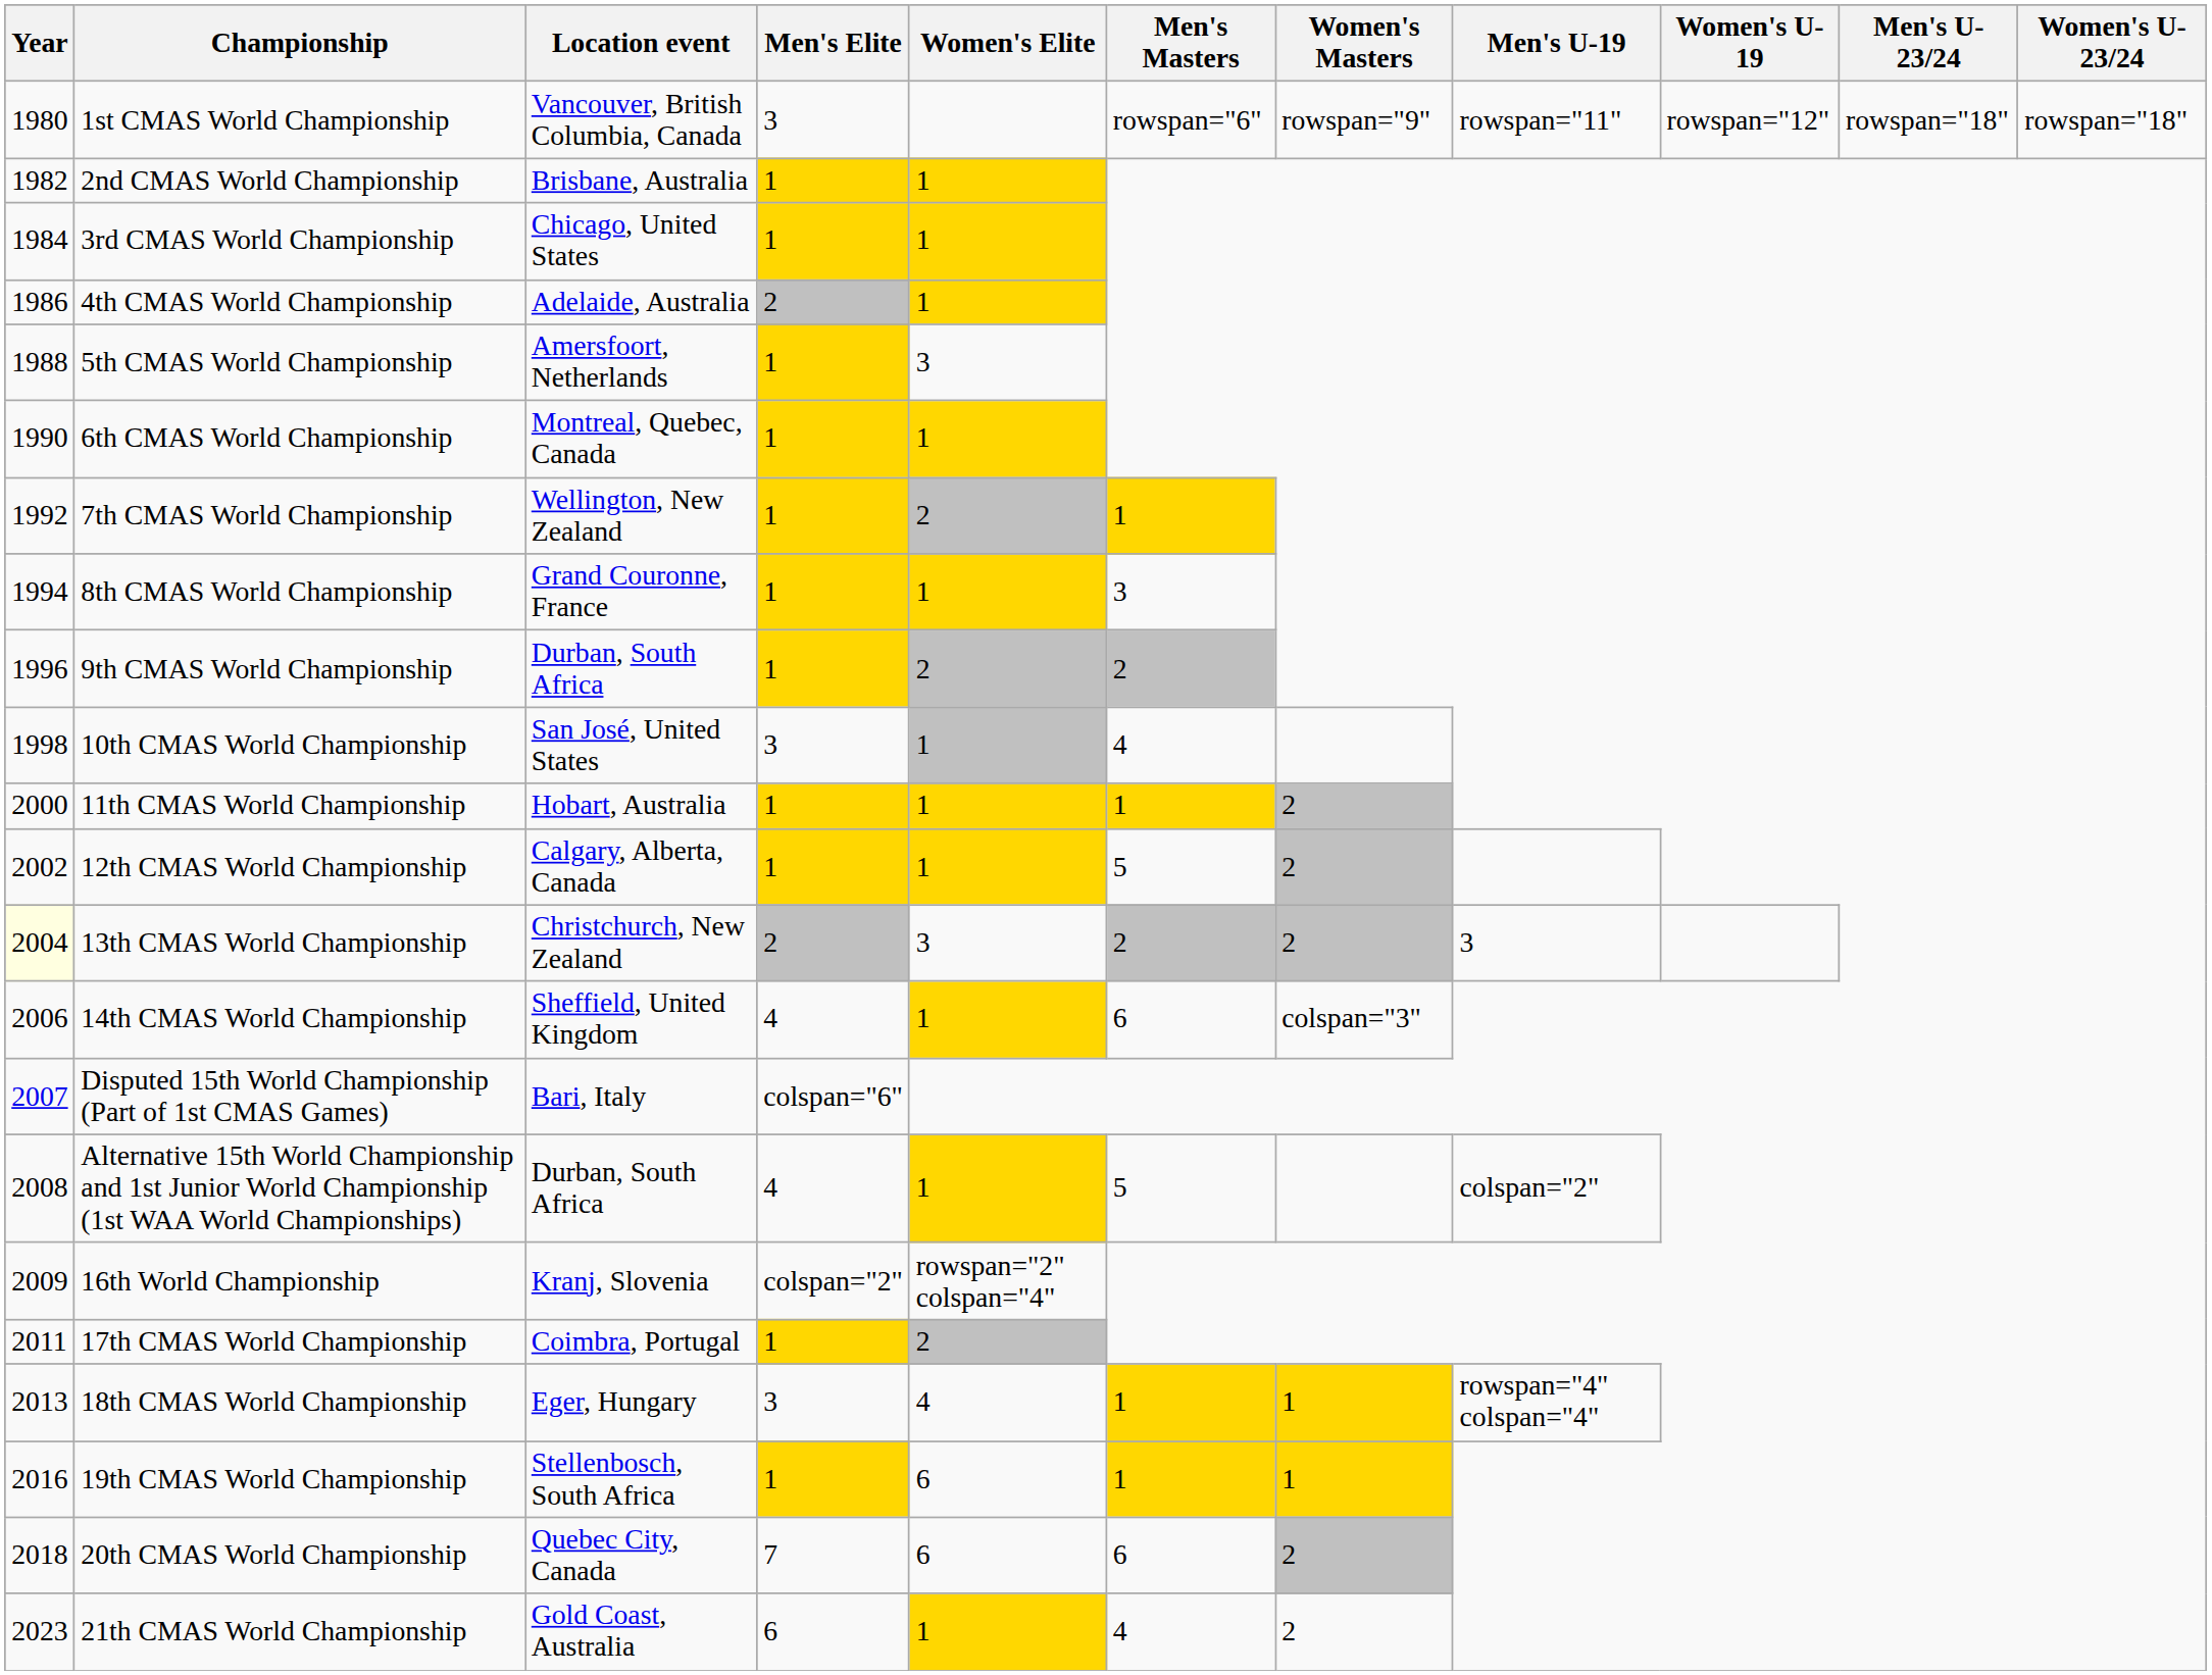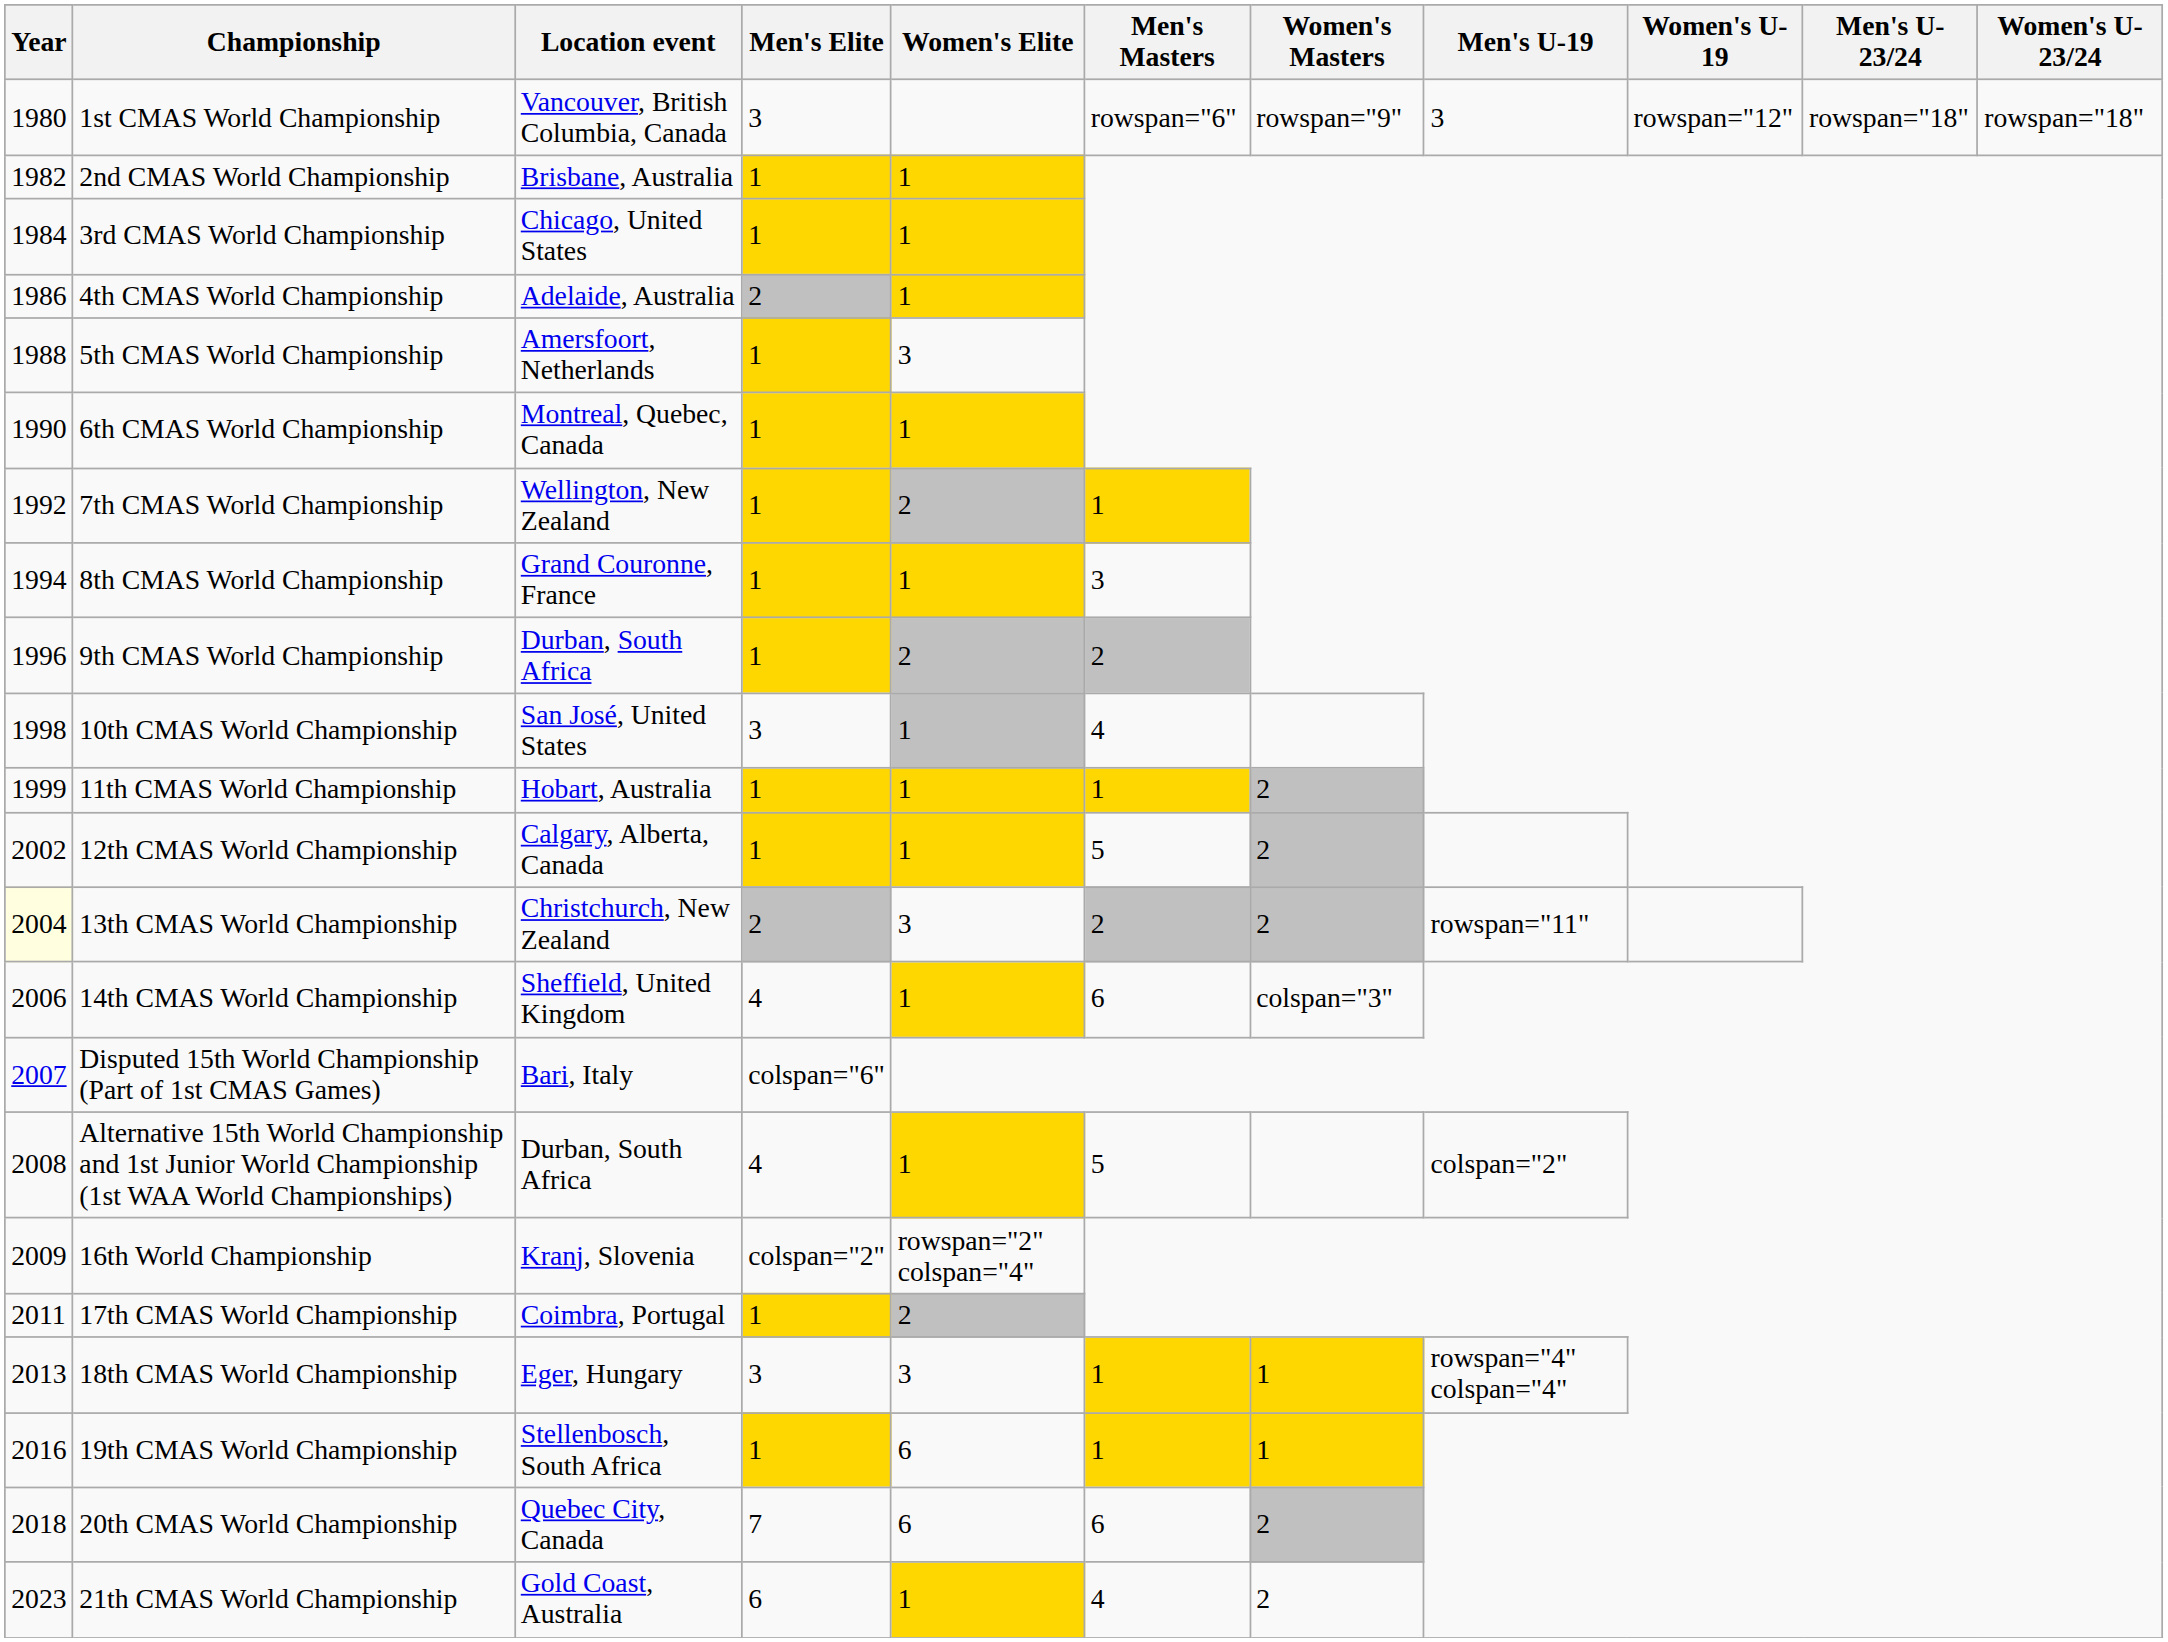 <table class="wikitable">
 <tr>
 <th>Year</th>
 <th>Championship</th>
 <th>Location event</th>
 <th>Men's Elite</th>
 <th>Women's Elite</th>
 <th>Men's Masters</th>
 <th>Women's Masters</th>
 <th>Men's U-19</th>
 <th>Women's U-19</th>
 <th>Men's U-23/24</th>
 <th>Women's U-23/24</th>
 </tr>
 <tr>
 <td>1980</td>
 <td>1st CMAS World Championship</td>
 <td> <a href='#'>Vancouver</a>, British Columbia, Canada</td>
 <td>3</td>
 <td></td>
 <td>rowspan="6"</td>
 <td>rowspan="9"</td>
-<td>rowspan="11"</td>
+<td>3</td>
 <td>rowspan="12"</td>
 <td>rowspan="18"</td>
 <td>rowspan="18"</td>
 </tr>
 <tr>
 <td>1982</td>
 <td>2nd CMAS World Championship</td>
 <td> <a href='#'>Brisbane</a>, Australia</td>
 <td bgcolor=gold>1</td>
 <td bgcolor=gold>1</td>
 </tr>
 <tr>
 <td>1984</td>
 <td>3rd CMAS World Championship</td>
 <td> <a href='#'>Chicago</a>, United States</td>
 <td bgcolor=gold>1</td>
 <td bgcolor=gold>1</td>
 </tr>
 <tr>
 <td>1986</td>
 <td>4th CMAS World Championship</td>
 <td> <a href='#'>Adelaide</a>, Australia</td>
 <td bgcolor=silver>2</td>
 <td bgcolor=gold>1</td>
 </tr>
 <tr>
 <td>1988</td>
 <td>5th CMAS World Championship</td>
 <td> <a href='#'>Amersfoort</a>, Netherlands</td>
 <td bgcolor=gold>1</td>
 <td>3</td>
 </tr>
 <tr>
 <td>1990</td>
 <td>6th CMAS World Championship</td>
 <td> <a href='#'>Montreal</a>, Quebec, Canada</td>
 <td bgcolor=gold>1</td>
 <td bgcolor=gold>1</td>
 </tr>
 <tr>
 <td>1992</td>
 <td>7th CMAS World Championship</td>
 <td> <a href='#'>Wellington</a>, New Zealand</td>
 <td bgcolor=gold>1</td>
 <td bgcolor=silver>2</td>
 <td bgcolor=gold>1</td>
 </tr>
 <tr>
 <td>1994</td>
 <td>8th CMAS World Championship</td>
 <td> <a href='#'>Grand Couronne</a>, France</td>
 <td bgcolor=gold>1</td>
 <td bgcolor=gold>1</td>
 <td>3</td>
 </tr>
 <tr>
 <td>1996</td>
 <td>9th CMAS World Championship</td>
 <td> <a href='#'>Durban</a>, <a href='#'>South Africa</a></td>
 <td bgcolor=gold>1</td>
 <td bgcolor=silver>2</td>
 <td bgcolor=silver>2</td>
 </tr>
 <tr>
 <td>1998</td>
 <td>10th CMAS World Championship</td>
 <td> <a href='#'>San José</a>, United States</td>
 <td>3</td>
 <td bgcolor=silver>1</td>
 <td>4</td>
 <td></td>
 </tr>
 <tr>
-<td>2000</td>
+<td>1999</td>
 <td>11th CMAS World Championship</td>
 <td> <a href='#'>Hobart</a>, Australia</td>
 <td bgcolor=gold>1</td>
 <td bgcolor=gold>1</td>
 <td bgcolor=gold>1</td>
 <td bgcolor=silver>2</td>
 </tr>
 <tr>
 <td>2002</td>
 <td>12th CMAS World Championship</td>
 <td><a href='#'>Calgary</a>, Alberta, Canada</td>
 <td bgcolor=gold>1</td>
 <td bgcolor=gold>1</td>
 <td>5</td>
 <td bgcolor=silver>2</td>
 <td></td>
 </tr>
 <tr>
 <td style="background: lightyellow;">2004</td>
 <td>13th CMAS World Championship</td>
 <td> <a href='#'>Christchurch</a>, New Zealand</td>
 <td bgcolor=silver>2</td>
 <td>3</td>
 <td bgcolor=silver>2</td>
 <td bgcolor=silver>2</td>
-<td>3</td>
+<td>rowspan="11"</td>
 <td></td>
 </tr>
 <tr>
 <td>2006</td>
 <td>14th CMAS World Championship</td>
 <td> <a href='#'>Sheffield</a>, United Kingdom</td>
 <td>4</td>
 <td bgcolor=gold>1</td>
 <td>6</td>
 <td>colspan="3"</td>
 </tr>
 <tr>
 <td><a href='#'>2007</a></td>
 <td>Disputed 15th World Championship (Part of 1st CMAS Games)</td>
 <td> <a href='#'>Bari</a>, Italy</td>
 <td>colspan="6" </td>
 </tr>
 <tr>
 <td>2008</td>
 <td>Alternative 15th World Championship and 1st Junior World Championship (1st WAA World Championships)</td>
 <td> Durban, South Africa</td>
 <td>4</td>
 <td bgcolor=gold>1</td>
 <td>5</td>
 <td></td>
 <td>colspan="2" </td>
 </tr>
 <tr>
 <td>2009</td>
 <td>16th World Championship</td>
 <td> <a href='#'>Kranj</a>, Slovenia</td>
 <td>colspan="2" </td>
 <td>rowspan="2" colspan="4" </td>
 </tr>
 <tr>
 <td>2011</td>
 <td>17th CMAS World Championship</td>
 <td> <a href='#'>Coimbra</a>, Portugal</td>
 <td bgcolor=gold>1</td>
 <td bgcolor=silver>2</td>
 </tr>
 <tr>
 <td>2013</td>
 <td>18th CMAS World Championship</td>
 <td> <a href='#'>Eger</a>, Hungary</td>
 <td>3</td>
-<td>4</td>
+<td>3</td>
 <td bgcolor=gold>1</td>
 <td bgcolor=gold>1</td>
 <td>rowspan="4" colspan="4" </td>
 </tr>
 <tr>
 <td>2016</td>
 <td>19th CMAS World Championship</td>
 <td> <a href='#'>Stellenbosch</a>, South Africa</td>
 <td bgcolor=gold>1</td>
 <td>6</td>
 <td bgcolor=gold>1</td>
 <td bgcolor=gold>1</td>
 </tr>
 <tr>
 <td>2018</td>
 <td>20th CMAS World Championship</td>
 <td> <a href='#'>Quebec City</a>, Canada</td>
 <td>7</td>
 <td>6</td>
 <td>6</td>
 <td bgcolor=silver>2</td>
 </tr>
 <tr>
 <td>2023</td>
 <td>21th CMAS World Championship</td>
 <td> <a href='#'>Gold Coast</a>, Australia</td>
 <td>6</td>
 <td bgcolor=gold>1</td>
 <td>4</td>
 <td>2</td>
 </tr>
 </table>
